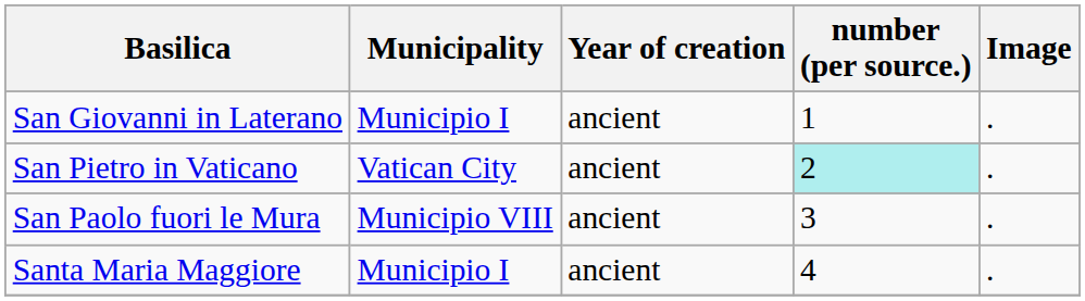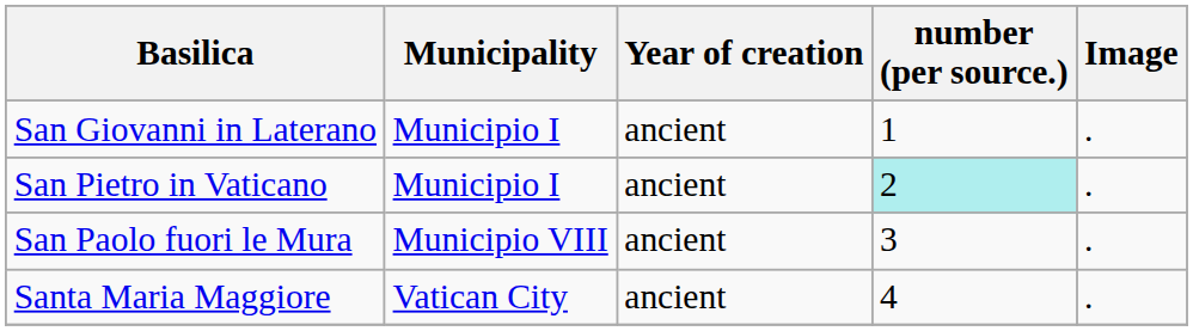 <table class="wikitable sortable" style="text-align:left">
 <tr>
 <th !class="unsortable">Basilica</th>
 <th>Municipality</th>
 <th>Year of creation</th>
 <th>number<br>(per source.)</th>
 <th class="unsortable">Image</th>
 </tr>
 <tr>
 <td><a href='#'>San Giovanni in Laterano</a></td>
 <td><a href='#'>Municipio I</a></td>
 <td>ancient</td>
 <td>1</td>
 <td>.</td>
 </tr>
 <tr>
 <td><a href='#'>San Pietro in Vaticano</a></td>
-<td><a href='#'>Vatican City</a></td>
+<td><a href='#'>Municipio I</a></td>
 <td>ancient</td>
 <td style="background: paleturquoise;">2</td>
 <td> .</td>
 </tr>
 <tr>
 <td><a href='#'>San Paolo fuori le Mura</a></td>
 <td><a href='#'>Municipio VIII</a></td>
 <td>ancient</td>
 <td>3</td>
 <td> .</td>
 </tr>
 <tr>
 <td><a href='#'>Santa Maria Maggiore</a></td>
-<td><a href='#'>Municipio I</a></td>
+<td><a href='#'>Vatican City</a></td>
 <td>ancient</td>
 <td>4</td>
 <td> .</td>
 </tr>
 <tr>
 </tr>
 </table>
